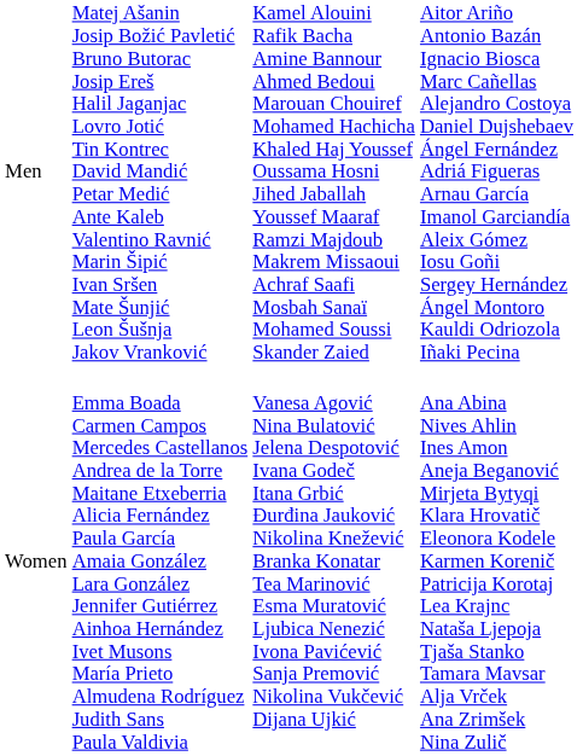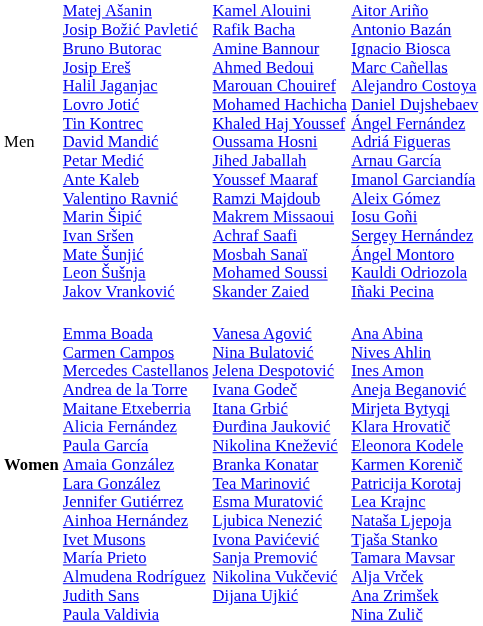 <table>
 <tr>
 <td>Men<br></td>
 <td><br><a href='#'>Matej Ašanin</a><br><a href='#'>Josip Božić Pavletić</a><br><a href='#'>Bruno Butorac</a><br><a href='#'>Josip Ereš</a><br><a href='#'>Halil Jaganjac</a><br><a href='#'>Lovro Jotić</a><br><a href='#'>Tin Kontrec</a><br><a href='#'>David Mandić</a><br><a href='#'>Petar Medić</a><br><a href='#'>Ante Kaleb</a><br><a href='#'>Valentino Ravnić</a><br><a href='#'>Marin Šipić</a><br><a href='#'>Ivan Sršen</a><br><a href='#'>Mate Šunjić</a><br><a href='#'>Leon Šušnja</a><br><a href='#'>Jakov Vranković</a></td>
 <td><br><a href='#'>Kamel Alouini</a><br><a href='#'>Rafik Bacha</a><br><a href='#'>Amine Bannour</a><br><a href='#'>Ahmed Bedoui</a><br><a href='#'>Marouan Chouiref</a><br><a href='#'>Mohamed Hachicha</a><br><a href='#'>Khaled Haj Youssef</a><br><a href='#'>Oussama Hosni</a><br><a href='#'>Jihed Jaballah</a><br><a href='#'>Youssef Maaraf</a><br><a href='#'>Ramzi Majdoub</a><br><a href='#'>Makrem Missaoui</a><br><a href='#'>Achraf Saafi</a><br><a href='#'>Mosbah Sanaï</a><br><a href='#'>Mohamed Soussi</a><br><a href='#'>Skander Zaied</a></td>
 <td><br><a href='#'>Aitor Ariño</a><br><a href='#'>Antonio Bazán</a><br><a href='#'>Ignacio Biosca</a><br><a href='#'>Marc Cañellas</a><br><a href='#'>Alejandro Costoya</a><br><a href='#'>Daniel Dujshebaev</a><br><a href='#'>Ángel Fernández</a><br><a href='#'>Adriá Figueras</a><br><a href='#'>Arnau García</a><br><a href='#'>Imanol Garciandía</a><br><a href='#'>Aleix Gómez</a><br><a href='#'>Iosu Goñi</a><br><a href='#'>Sergey Hernández</a><br><a href='#'>Ángel Montoro</a><br><a href='#'>Kauldi Odriozola</a><br><a href='#'>Iñaki Pecina</a></td>
 </tr>
 <tr>
-<td>Women<br></td>
+<td><strong>Women<br></strong></td>
 <td valign=top><br><a href='#'>Emma Boada</a><br><a href='#'>Carmen Campos</a><br><a href='#'>Mercedes Castellanos</a><br><a href='#'>Andrea de la Torre</a><br><a href='#'>Maitane Etxeberria</a><br><a href='#'>Alicia Fernández</a><br><a href='#'>Paula García</a><br><a href='#'>Amaia González</a><br><a href='#'>Lara González</a><br><a href='#'>Jennifer Gutiérrez</a><br><a href='#'>Ainhoa Hernández</a><br><a href='#'>Ivet Musons</a><br><a href='#'>María Prieto</a><br><a href='#'>Almudena Rodríguez</a><br><a href='#'>Judith Sans</a><br><a href='#'>Paula Valdivia</a></td>
 <td valign=top><br><a href='#'>Vanesa Agović</a><br><a href='#'>Nina Bulatović</a><br><a href='#'>Jelena Despotović</a><br><a href='#'>Ivana Godeč</a><br><a href='#'>Itana Grbić</a><br><a href='#'>Đurđina Jauković</a><br><a href='#'>Nikolina Knežević</a><br><a href='#'>Branka Konatar</a><br><a href='#'>Tea Marinović</a><br><a href='#'>Esma Muratović</a><br><a href='#'>Ljubica Nenezić</a><br><a href='#'>Ivona Pavićević</a><br><a href='#'>Sanja Premović</a><br><a href='#'>Nikolina Vukčević</a><br><a href='#'>Dijana Ujkić</a></td>
 <td valign=top><br><a href='#'>Ana Abina</a><br><a href='#'>Nives Ahlin</a><br><a href='#'>Ines Amon</a><br><a href='#'>Aneja Beganović</a><br><a href='#'>Mirjeta Bytyqi</a><br><a href='#'>Klara Hrovatič</a><br><a href='#'>Eleonora Kodele</a><br><a href='#'>Karmen Korenič</a><br><a href='#'>Patricija Korotaj</a><br><a href='#'>Lea Krajnc</a><br><a href='#'>Nataša Ljepoja</a><br><a href='#'>Tjaša Stanko</a><br><a href='#'>Tamara Mavsar</a><br><a href='#'>Alja Vrček</a><br><a href='#'>Ana Zrimšek</a><br><a href='#'>Nina Zulič</a></td>
 </tr>
 </table>
